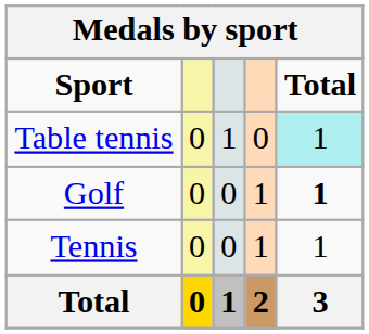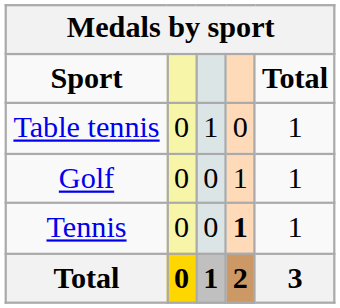 <table class="wikitable" style="font-size:85%; float:right">
 <tr style="background:#efefef;">
 <th colspan=7><strong>Medals by sport</strong></th>
 </tr>
 <tr align=center>
 <td><strong>Sport</strong></td>
 <td style="background:#f7f6a8;"></td>
 <td style="background:#dce5e5;"></td>
 <td style="background:#ffdab9;"></td>
 <td><strong>Total</strong></td>
 </tr>
 <tr align=center>
 <td><a href='#'>Table tennis</a></td>
 <td style="background:#f7f6a8;">0</td>
 <td style="background:#dce5e5;">1</td>
 <td style="background:#ffdab9;">0</td>
-<td style="background: paleturquoise;">1</td>
+<td>1</td>
 </tr>
 <tr align=center>
 <td><a href='#'>Golf</a></td>
 <td style="background:#f7f6a8;">0</td>
 <td style="background:#dce5e5;">0</td>
 <td style="background:#ffdab9;">1</td>
-<td><strong>1</strong></td>
+<td>1</td>
 </tr>
 <tr align=center>
 <td><a href='#'>Tennis</a></td>
 <td style="background:#f7f6a8;">0</td>
 <td style="background:#dce5e5;">0</td>
-<td style="background:#ffdab9;">1</td>
+<td style="background:#ffdab9;"><strong>1</strong></td>
 <td>1</td>
 </tr>
 <tr align=center>
 <th><strong>Total</strong></th>
 <th style="background:gold;"><strong>0</strong></th>
 <th style="background:silver;"><strong>1</strong></th>
 <th style="background:#c96;"><strong>2</strong></th>
 <th><strong>3</strong></th>
 </tr>
 </table>
